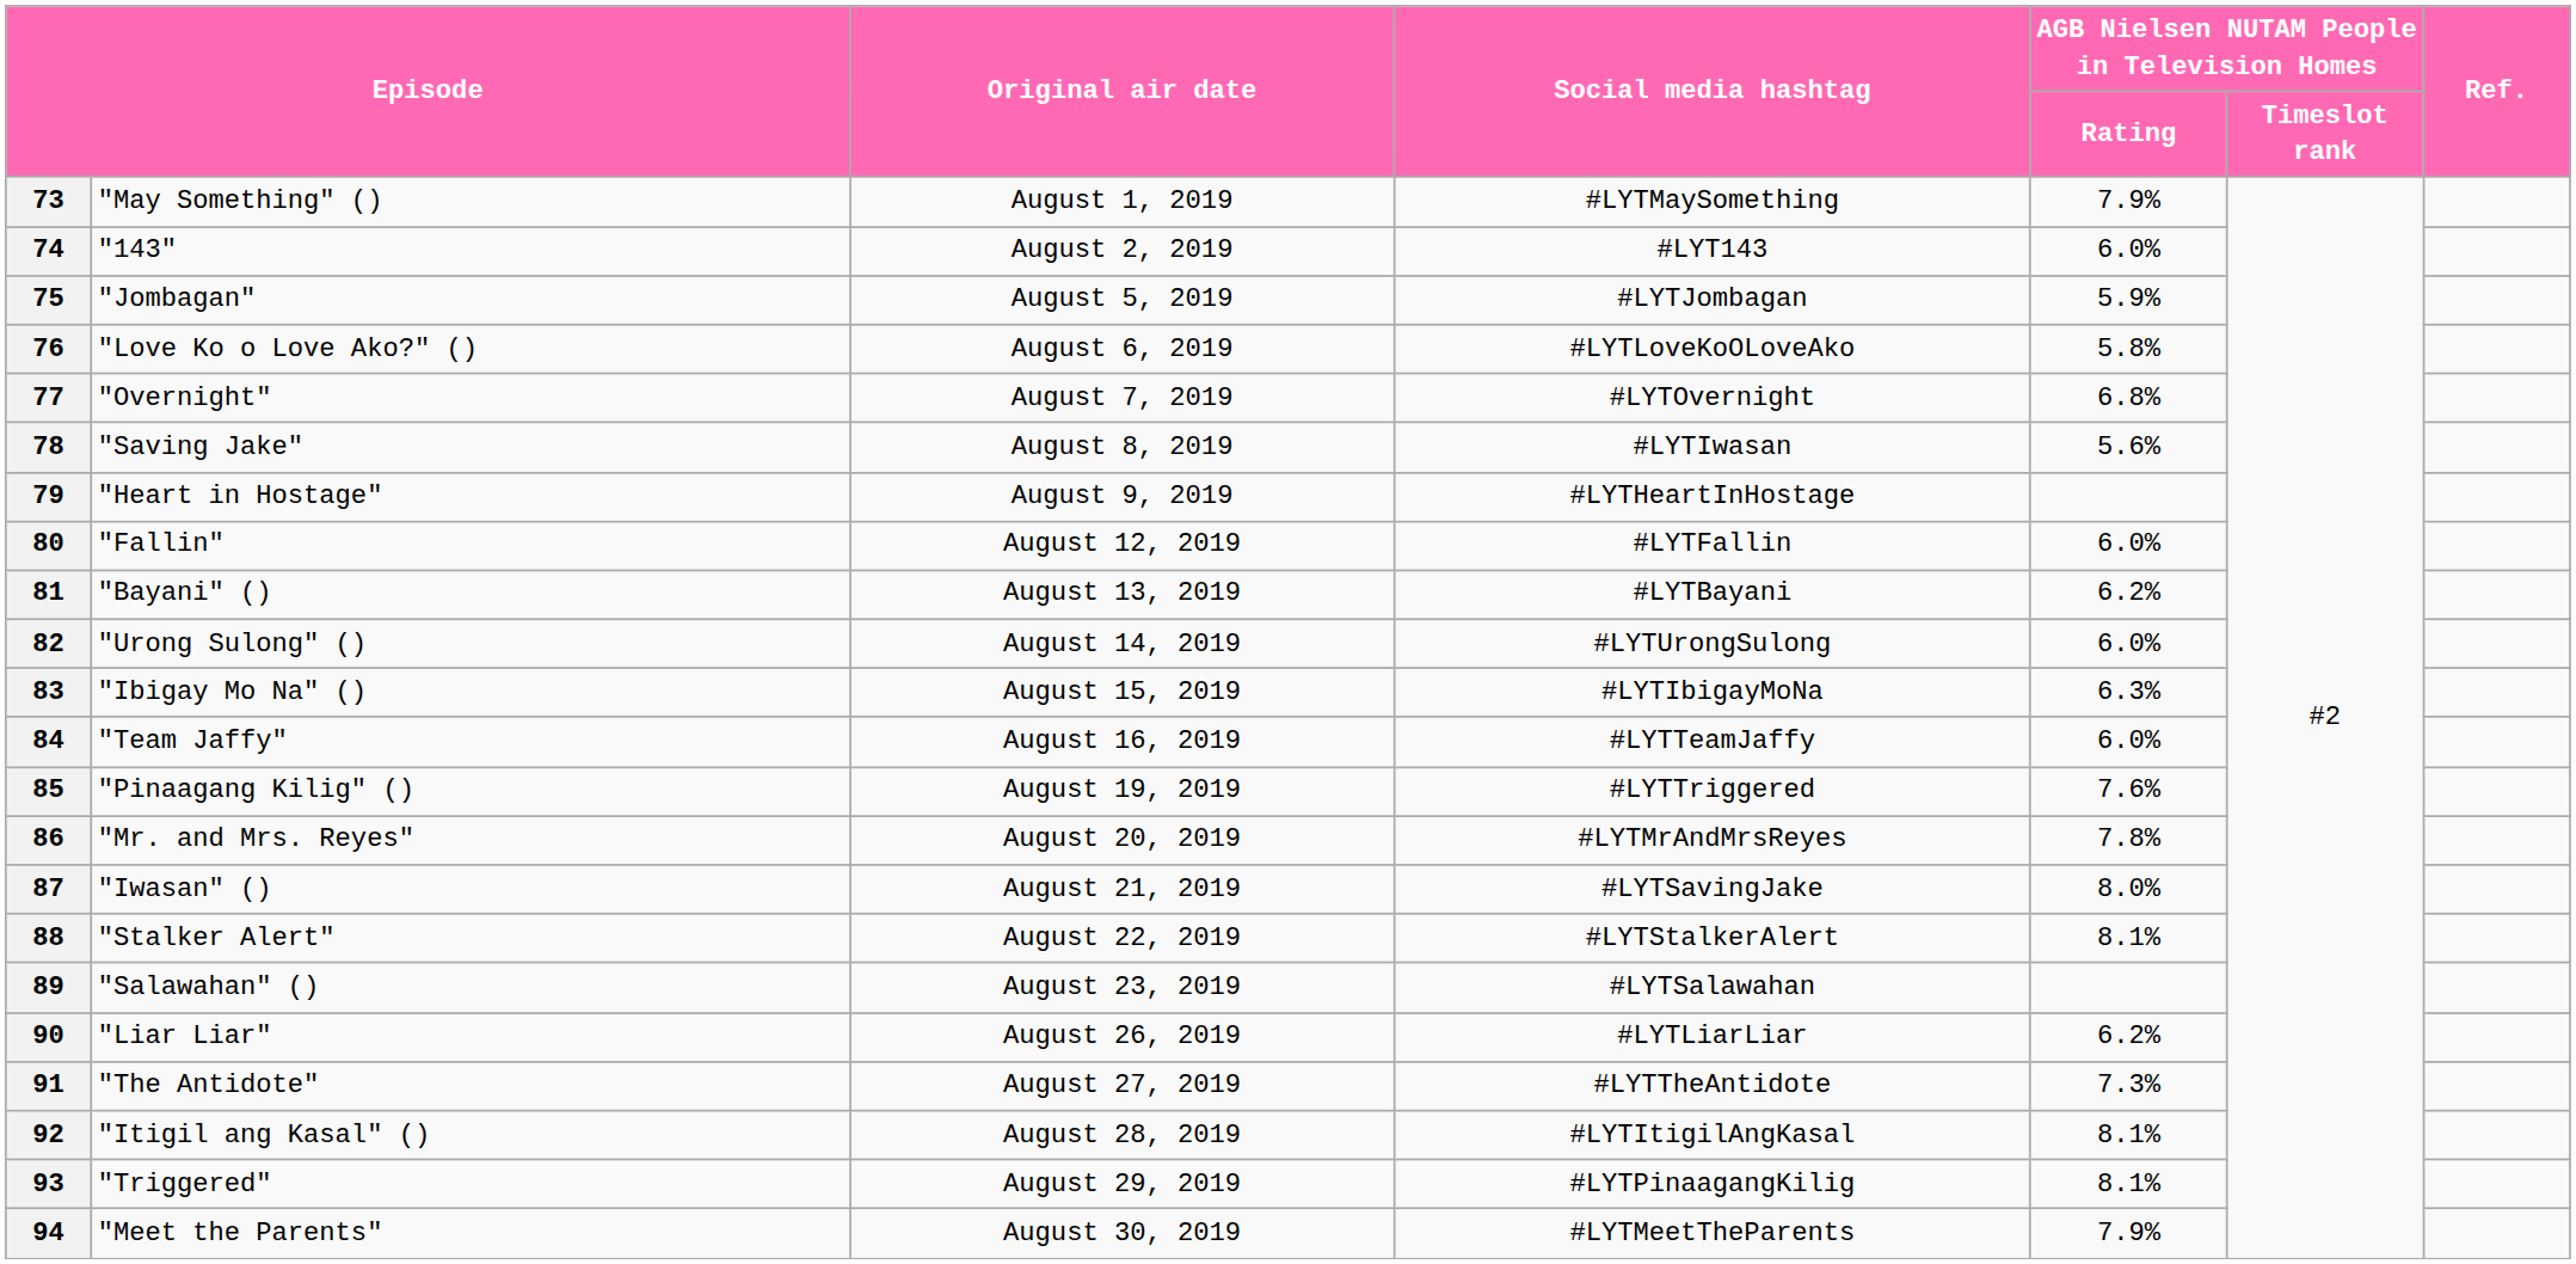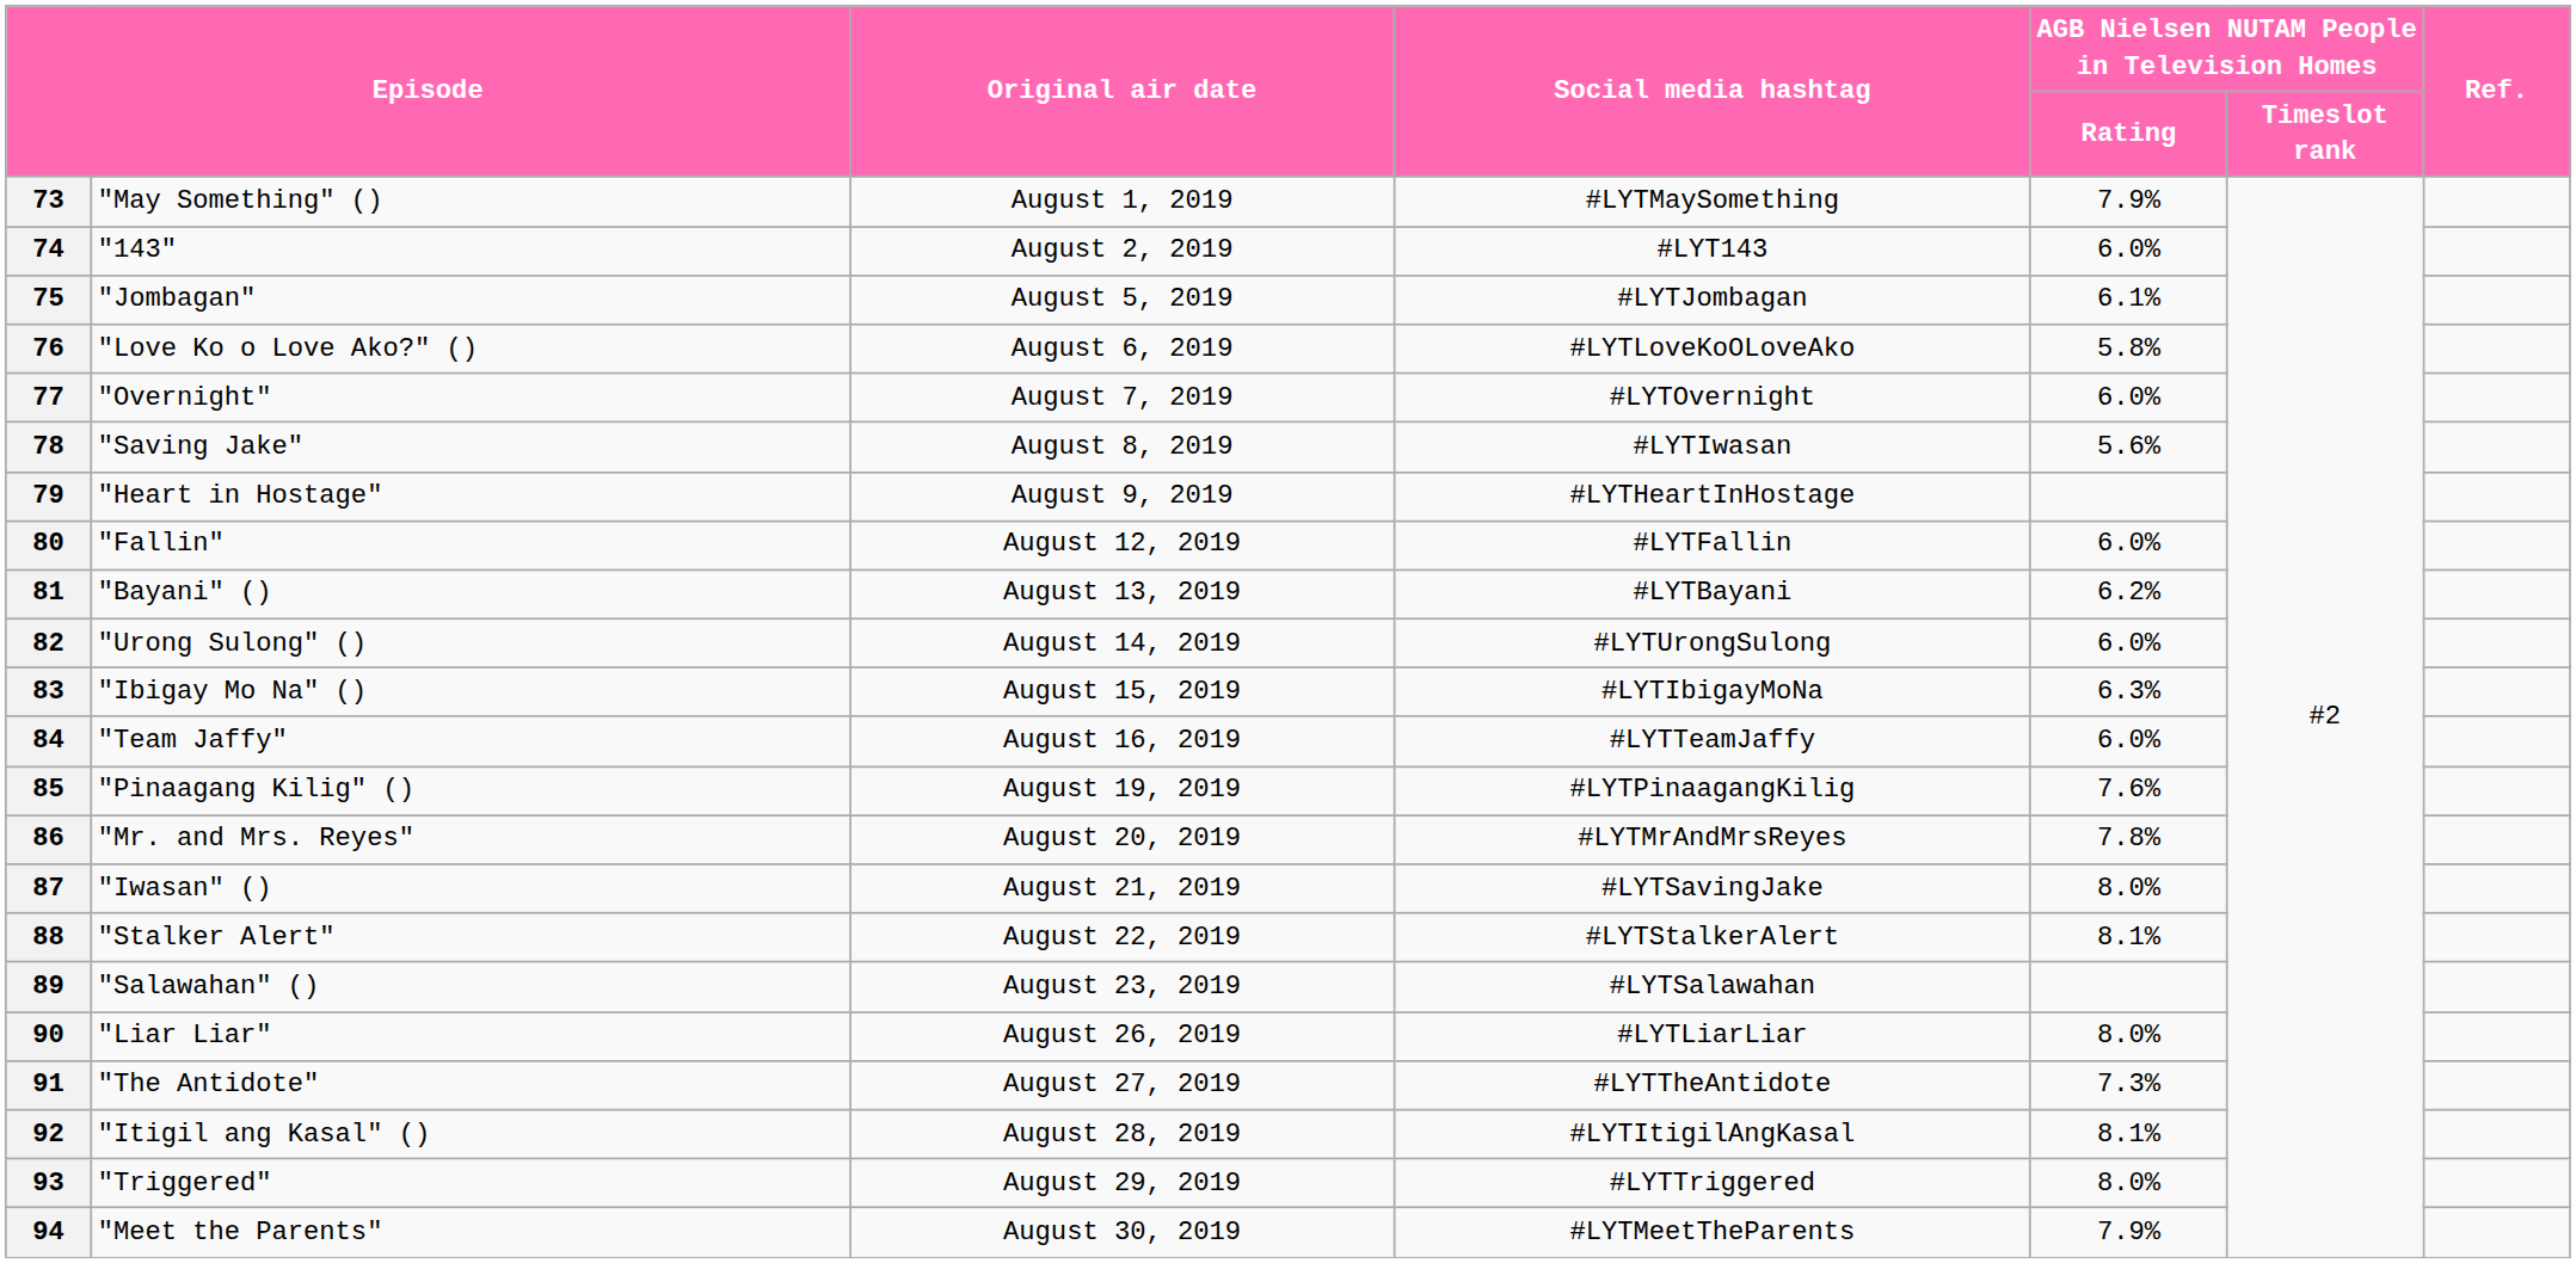 <table class="wikitable" style="text-align:center; font-size:100%; line-height:18px;" width="100%">
 <tr>
 <th style="background-color:#FF69B4; color:#ffffff;" colspan="2" rowspan="2">Episode</th>
 <th style="background-color:#FF69B4; color:white" rowspan="2">Original air date</th>
 <th style="background-color:#FF69B4; color:white" rowspan="2">Social media hashtag</th>
 <th style="background-color:#FF69B4; color:#ffffff;" colspan="2">AGB Nielsen NUTAM People in Television Homes</th>
 <th style="background-color:#FF69B4; color:#ffffff;" rowspan="2">Ref.</th>
 </tr>
 <tr>
 <th style="background-color:#FF69B4; width:75px; color:#ffffff;">Rating</th>
 <th style="background-color:#FF69B4; width:75px; color:#ffffff;">Timeslot<br>rank</th>
 </tr>
 <tr>
 <th>73</th>
 <td style="text-align: left;">"May Something" ()</td>
 <td>August 1, 2019</td>
 <td>#LYTMaySomething</td>
 <td>7.9%</td>
 <td rowspan="22">#2</td>
 <td></td>
 </tr>
 <tr>
 <th>74</th>
 <td style="text-align: left;">"143"</td>
 <td>August 2, 2019</td>
 <td>#LYT143</td>
 <td>6.0%</td>
 <td></td>
 </tr>
 <tr>
 <th>75</th>
 <td style="text-align: left;">"Jombagan"</td>
 <td>August 5, 2019</td>
 <td>#LYTJombagan</td>
-<td>5.9%</td>
+<td>6.1%</td>
 <td></td>
 </tr>
 <tr>
 <th>76</th>
 <td style="text-align: left;">"Love Ko o Love Ako?" ()</td>
 <td>August 6, 2019</td>
 <td>#LYTLoveKoOLoveAko</td>
 <td>5.8%</td>
 <td></td>
 </tr>
 <tr>
 <th>77</th>
 <td style="text-align: left;">"Overnight"</td>
 <td>August 7, 2019</td>
 <td>#LYTOvernight</td>
-<td>6.8%</td>
+<td>6.0%</td>
 <td></td>
 </tr>
 <tr>
 <th>78</th>
 <td style="text-align: left;">"Saving Jake"</td>
 <td>August 8, 2019</td>
 <td>#LYTIwasan</td>
 <td>5.6%</td>
 <td></td>
 </tr>
 <tr>
 <th>79</th>
 <td style="text-align: left;">"Heart in Hostage"</td>
 <td>August 9, 2019</td>
 <td>#LYTHeartInHostage</td>
 <td></td>
 <td></td>
 </tr>
 <tr>
 <th>80</th>
 <td style="text-align: left;">"Fallin"</td>
 <td>August 12, 2019</td>
 <td>#LYTFallin</td>
 <td>6.0%</td>
 <td></td>
 </tr>
 <tr>
 <th>81</th>
 <td style="text-align: left;">"Bayani" ()</td>
 <td>August 13, 2019</td>
 <td>#LYTBayani</td>
 <td>6.2%</td>
 <td></td>
 </tr>
 <tr>
 <th>82</th>
 <td style="text-align: left;">"Urong Sulong" ()</td>
 <td>August 14, 2019</td>
 <td>#LYTUrongSulong</td>
 <td>6.0%</td>
 <td></td>
 </tr>
 <tr>
 <th>83</th>
 <td style="text-align: left;">"Ibigay Mo Na" ()</td>
 <td>August 15, 2019</td>
 <td>#LYTIbigayMoNa</td>
 <td>6.3%</td>
 <td></td>
 </tr>
 <tr>
 <th>84</th>
 <td style="text-align: left;">"Team Jaffy"</td>
 <td>August 16, 2019</td>
 <td>#LYTTeamJaffy</td>
 <td>6.0%</td>
 <td></td>
 </tr>
 <tr>
 <th>85</th>
 <td style="text-align: left;">"Pinaagang Kilig" ()</td>
 <td>August 19, 2019</td>
-<td>#LYTTriggered</td>
+<td>#LYTPinaagangKilig</td>
 <td>7.6%</td>
 <td></td>
 </tr>
 <tr>
 <th>86</th>
 <td style="text-align: left;">"Mr. and Mrs. Reyes"</td>
 <td>August 20, 2019</td>
 <td>#LYTMrAndMrsReyes</td>
 <td>7.8%</td>
 <td></td>
 </tr>
 <tr>
 <th>87</th>
 <td style="text-align: left;">"Iwasan" ()</td>
 <td>August 21, 2019</td>
 <td>#LYTSavingJake</td>
 <td>8.0%</td>
 <td></td>
 </tr>
 <tr>
 <th>88</th>
 <td style="text-align: left;">"Stalker Alert"</td>
 <td>August 22, 2019</td>
 <td>#LYTStalkerAlert</td>
 <td>8.1%</td>
 <td></td>
 </tr>
 <tr>
 <th>89</th>
 <td style="text-align: left;">"Salawahan" ()</td>
 <td>August 23, 2019</td>
 <td>#LYTSalawahan</td>
 <td></td>
 <td></td>
 </tr>
 <tr>
 <th>90</th>
 <td style="text-align: left;">"Liar Liar"</td>
 <td>August 26, 2019</td>
 <td>#LYTLiarLiar</td>
-<td>6.2%</td>
+<td>8.0%</td>
 <td></td>
 </tr>
 <tr>
 <th>91</th>
 <td style="text-align: left;">"The Antidote"</td>
 <td>August 27, 2019</td>
 <td>#LYTTheAntidote</td>
 <td>7.3%</td>
 <td></td>
 </tr>
 <tr>
 <th>92</th>
 <td style="text-align: left;">"Itigil ang Kasal" ()</td>
 <td>August 28, 2019</td>
 <td>#LYTItigilAngKasal</td>
 <td>8.1%</td>
 <td></td>
 </tr>
 <tr>
 <th>93</th>
 <td style="text-align: left;">"Triggered"</td>
 <td>August 29, 2019</td>
-<td>#LYTPinaagangKilig</td>
-<td>8.1%</td>
+<td>#LYTTriggered</td>
+<td>8.0%</td>
 <td></td>
 </tr>
 <tr>
 <th>94</th>
 <td style="text-align: left;">"Meet the Parents"</td>
 <td>August 30, 2019</td>
 <td>#LYTMeetTheParents</td>
 <td>7.9%</td>
 <td></td>
 </tr>
 </table>
